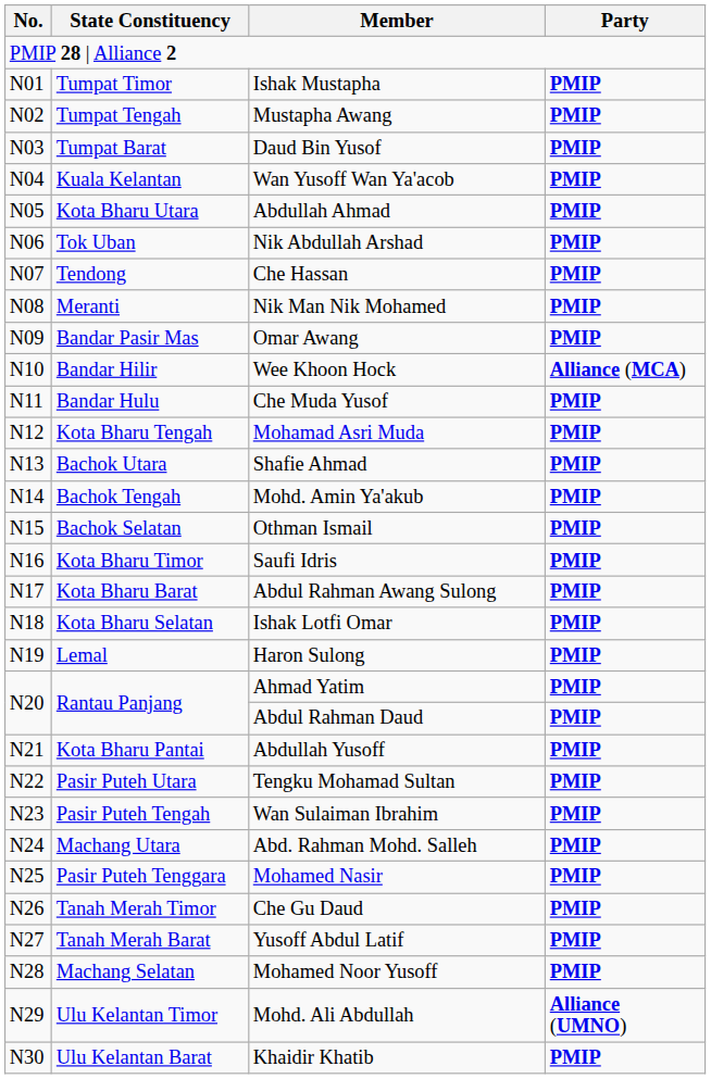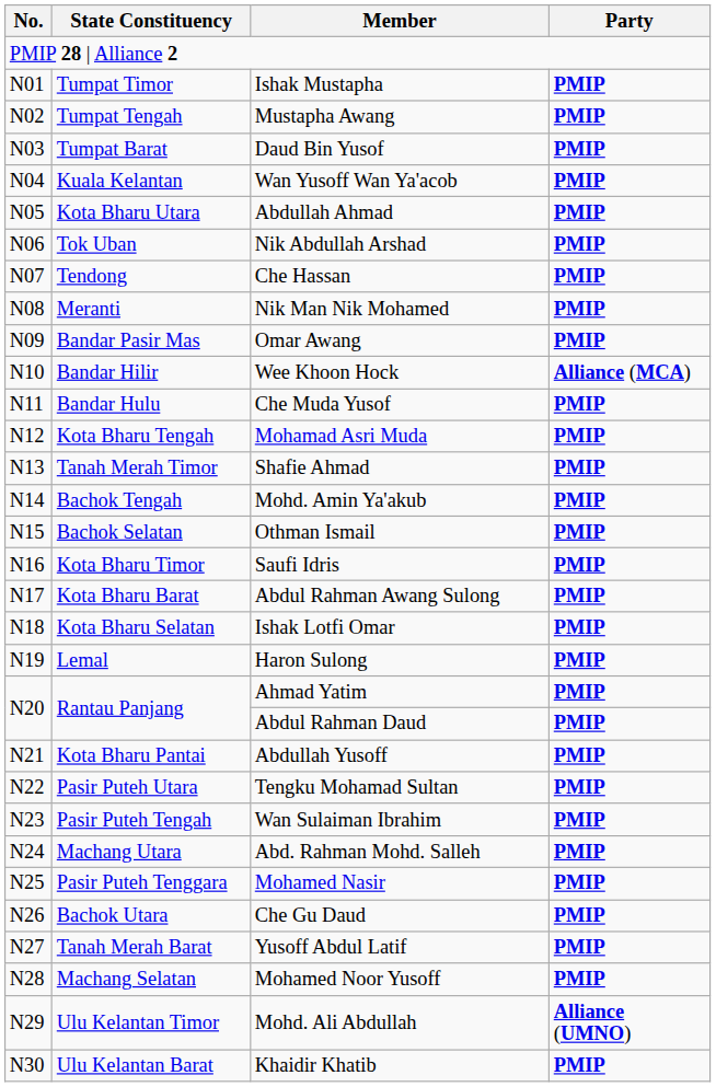 <table class="wikitable sortable">
 <tr>
 <th style="width:30px;">No.</th>
 <th style="width:150px;">State Constituency</th>
 <th style="width:230px;">Member</th>
 <th style="width:120px;">Party</th>
 </tr>
 <tr>
 <td colspan="4"><a href='#'>PMIP</a> <strong>28</strong> | <a href='#'>Alliance</a> <strong>2</strong></td>
 </tr>
 <tr>
 <td>N01</td>
 <td><a href='#'>Tumpat Timor</a></td>
 <td>Ishak Mustapha</td>
 <td><strong><a href='#'>PMIP</a></strong></td>
 </tr>
 <tr>
 <td>N02</td>
 <td><a href='#'>Tumpat Tengah</a></td>
 <td>Mustapha Awang</td>
 <td><strong><a href='#'>PMIP</a></strong></td>
 </tr>
 <tr>
 <td>N03</td>
 <td><a href='#'>Tumpat Barat</a></td>
 <td>Daud Bin Yusof</td>
 <td><strong><a href='#'>PMIP</a></strong></td>
 </tr>
 <tr>
 <td>N04</td>
 <td><a href='#'>Kuala Kelantan</a></td>
 <td>Wan Yusoff Wan Ya'acob</td>
 <td><strong><a href='#'>PMIP</a></strong></td>
 </tr>
 <tr>
 <td>N05</td>
 <td><a href='#'>Kota Bharu Utara</a></td>
 <td>Abdullah Ahmad</td>
 <td><strong><a href='#'>PMIP</a></strong></td>
 </tr>
 <tr>
 <td>N06</td>
 <td><a href='#'>Tok Uban</a></td>
 <td>Nik Abdullah Arshad</td>
 <td><strong><a href='#'>PMIP</a></strong></td>
 </tr>
 <tr>
 <td>N07</td>
 <td><a href='#'>Tendong</a></td>
 <td>Che Hassan</td>
 <td><strong><a href='#'>PMIP</a></strong></td>
 </tr>
 <tr>
 <td>N08</td>
 <td><a href='#'>Meranti</a></td>
 <td>Nik Man Nik Mohamed</td>
 <td><strong><a href='#'>PMIP</a></strong></td>
 </tr>
 <tr>
 <td>N09</td>
 <td><a href='#'>Bandar Pasir Mas</a></td>
 <td>Omar Awang</td>
 <td><strong><a href='#'>PMIP</a></strong></td>
 </tr>
 <tr>
 <td>N10</td>
 <td><a href='#'>Bandar Hilir</a></td>
 <td>Wee Khoon Hock</td>
 <td><strong><a href='#'>Alliance</a></strong> (<strong><a href='#'>MCA</a></strong>)</td>
 </tr>
 <tr>
 <td>N11</td>
 <td><a href='#'>Bandar Hulu</a></td>
 <td>Che Muda Yusof</td>
 <td><strong><a href='#'>PMIP</a></strong></td>
 </tr>
 <tr>
 <td>N12</td>
 <td><a href='#'>Kota Bharu Tengah</a></td>
 <td><a href='#'>Mohamad Asri Muda</a></td>
 <td><strong><a href='#'>PMIP</a></strong></td>
 </tr>
 <tr>
 <td>N13</td>
-<td><a href='#'>Bachok Utara</a></td>
+<td><a href='#'>Tanah Merah Timor</a></td>
 <td>Shafie Ahmad</td>
 <td><strong><a href='#'>PMIP</a></strong></td>
 </tr>
 <tr>
 <td>N14</td>
 <td><a href='#'>Bachok Tengah</a></td>
 <td>Mohd. Amin Ya'akub</td>
 <td><strong><a href='#'>PMIP</a></strong></td>
 </tr>
 <tr>
 <td>N15</td>
 <td><a href='#'>Bachok Selatan</a></td>
 <td>Othman Ismail</td>
 <td><strong><a href='#'>PMIP</a></strong></td>
 </tr>
 <tr>
 <td>N16</td>
 <td><a href='#'>Kota Bharu Timor</a></td>
 <td>Saufi Idris</td>
 <td><strong><a href='#'>PMIP</a></strong></td>
 </tr>
 <tr>
 <td>N17</td>
 <td><a href='#'>Kota Bharu Barat</a></td>
 <td>Abdul Rahman Awang Sulong</td>
 <td><strong><a href='#'>PMIP</a></strong></td>
 </tr>
 <tr>
 <td>N18</td>
 <td><a href='#'>Kota Bharu Selatan</a></td>
 <td>Ishak Lotfi Omar</td>
 <td><strong><a href='#'>PMIP</a></strong></td>
 </tr>
 <tr>
 <td>N19</td>
 <td><a href='#'>Lemal</a></td>
 <td>Haron Sulong</td>
 <td><strong><a href='#'>PMIP</a></strong></td>
 </tr>
 <tr>
 <td rowspan=2>N20</td>
 <td rowspan=2><a href='#'>Rantau Panjang</a></td>
 <td>Ahmad Yatim </td>
 <td><strong><a href='#'>PMIP</a></strong></td>
 </tr>
 <tr>
 <td>Abdul Rahman Daud </td>
 <td><strong><a href='#'>PMIP</a></strong></td>
 </tr>
 <tr>
 <td>N21</td>
 <td><a href='#'>Kota Bharu Pantai</a></td>
 <td>Abdullah Yusoff</td>
 <td><strong><a href='#'>PMIP</a></strong></td>
 </tr>
 <tr>
 <td>N22</td>
 <td><a href='#'>Pasir Puteh Utara</a></td>
 <td>Tengku Mohamad Sultan</td>
 <td><strong><a href='#'>PMIP</a></strong></td>
 </tr>
 <tr>
 <td>N23</td>
 <td><a href='#'>Pasir Puteh Tengah</a></td>
 <td>Wan Sulaiman Ibrahim</td>
 <td><strong><a href='#'>PMIP</a></strong></td>
 </tr>
 <tr>
 <td>N24</td>
 <td><a href='#'>Machang Utara</a></td>
 <td>Abd. Rahman Mohd. Salleh</td>
 <td><strong><a href='#'>PMIP</a></strong></td>
 </tr>
 <tr>
 <td>N25</td>
 <td><a href='#'>Pasir Puteh Tenggara</a></td>
 <td><a href='#'>Mohamed Nasir</a></td>
 <td><strong><a href='#'>PMIP</a></strong></td>
 </tr>
 <tr>
 <td>N26</td>
-<td><a href='#'>Tanah Merah Timor</a></td>
+<td><a href='#'>Bachok Utara</a></td>
 <td>Che Gu Daud</td>
 <td><strong><a href='#'>PMIP</a></strong></td>
 </tr>
 <tr>
 <td>N27</td>
 <td><a href='#'>Tanah Merah Barat</a></td>
 <td>Yusoff Abdul Latif</td>
 <td><strong><a href='#'>PMIP</a></strong></td>
 </tr>
 <tr>
 <td>N28</td>
 <td><a href='#'>Machang Selatan</a></td>
 <td>Mohamed Noor Yusoff</td>
 <td><strong><a href='#'>PMIP</a></strong></td>
 </tr>
 <tr>
 <td>N29</td>
 <td><a href='#'>Ulu Kelantan Timor</a></td>
 <td>Mohd. Ali Abdullah</td>
 <td><strong><a href='#'>Alliance</a></strong> (<strong><a href='#'>UMNO</a></strong>)</td>
 </tr>
 <tr>
 <td>N30</td>
 <td><a href='#'>Ulu Kelantan Barat</a></td>
 <td>Khaidir Khatib</td>
 <td><strong><a href='#'>PMIP</a></strong></td>
 </tr>
 </table>
